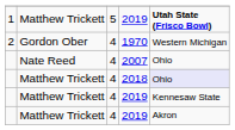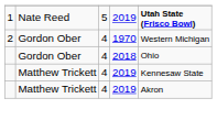 <table class="wikitable" style="display:inline-table;">
 <tr>
 </tr>
 <tr>
 <td>1</td>
-<td>Matthew Trickett</td>
+<td>Nate Reed</td>
 <td>5</td>
 <td><a href='#'>2019</a></td>
 <td style="font-size:80%;"><strong>Utah State<br>(<a href='#'>Frisco Bowl</a>)</strong></td>
 </tr>
 <tr>
 <td>2</td>
 <td>Gordon Ober</td>
 <td>4</td>
 <td><a href='#'>1970</a></td>
 <td style="font-size:80%;">Western Michigan</td>
 </tr>
 <tr>
 <td></td>
-<td>Nate Reed</td>
-<td>4</td>
-<td><a href='#'>2007</a></td>
-<td style="font-size:80%;">Ohio</td>
-</tr>
-<tr>
-<td></td>
-<td>Matthew Trickett</td>
+<td>Gordon Ober</td>
 <td>4</td>
 <td><a href='#'>2018</a></td>
-<td style="background: lavender; font-size:80%;">Ohio</td>
+<td style="font-size:80%;">Ohio</td>
 </tr>
 <tr>
 <td></td>
 <td>Matthew Trickett</td>
 <td>4</td>
 <td><a href='#'>2019</a></td>
 <td style="font-size:80%;">Kennesaw State</td>
 </tr>
 <tr>
 <td></td>
 <td>Matthew Trickett</td>
 <td>4</td>
 <td><a href='#'>2019</a></td>
 <td style="font-size:80%;">Akron</td>
 </tr>
 </table>
